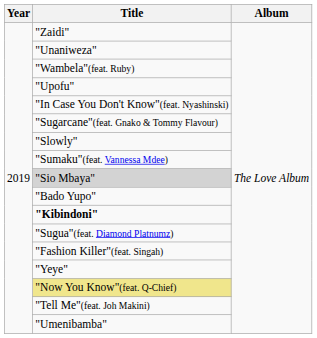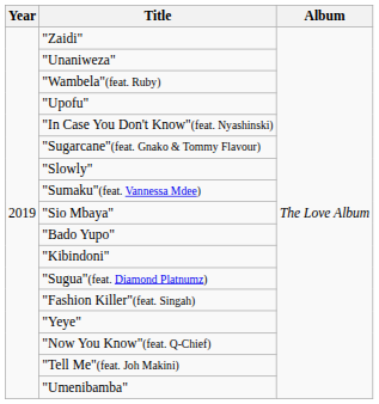 <table class="wikitable sortable">
 <tr>
 <th>Year</th>
 <th>Title</th>
 <th>Album</th>
 </tr>
 <tr>
 <td rowspan="17">2019</td>
 <td>"Zaidi"</td>
 <td rowspan="17"><em>The Love Album</em></td>
 </tr>
 <tr>
 <td>"Unaniweza"</td>
 </tr>
 <tr>
 <td>"Wambela"<small>(feat. Ruby)</small></td>
 </tr>
 <tr>
 <td>"Upofu"</td>
 </tr>
 <tr>
 <td>"In Case You Don't Know"<small>(feat. Nyashinski)</small></td>
 </tr>
 <tr>
 <td>"Sugarcane"<small>(feat. Gnako & Tommy Flavour)</small></td>
 </tr>
 <tr>
 <td>"Slowly"</td>
 </tr>
 <tr>
 <td>"Sumaku"<small>(feat. <a href='#'>Vannessa Mdee</a>)</small></td>
 </tr>
 <tr>
-<td style="background: lightgrey;">"Sio Mbaya"</td>
+<td>"Sio Mbaya"</td>
 </tr>
 <tr>
 <td>"Bado Yupo"</td>
 </tr>
 <tr>
-<td><strong>"Kibindoni"</strong></td>
+<td>"Kibindoni"</td>
 </tr>
 <tr>
 <td>"Sugua"<small>(feat. <a href='#'>Diamond Platnumz</a>)</small></td>
 </tr>
 <tr>
 <td>"Fashion Killer"<small>(feat. Singah)</small></td>
 </tr>
 <tr>
 <td>"Yeye"</td>
 </tr>
 <tr>
-<td style="background: khaki;">"Now You Know"<small>(feat. Q-Chief)</small></td>
+<td>"Now You Know"<small>(feat. Q-Chief)</small></td>
 </tr>
 <tr>
 <td>"Tell Me"<small>(feat. Joh Makini)</small></td>
 </tr>
 <tr>
 <td>"Umenibamba"</td>
 </tr>
 </table>
